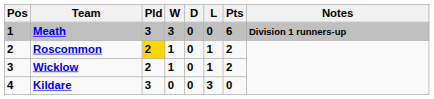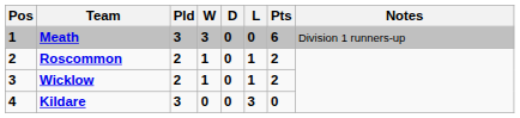 <table class="wikitable" style="text-align: centre;">
 <tr>
 <th width=20>Pos</th>
 <th width=150>Team</th>
 <th width=20>Pld</th>
 <th width=20>W</th>
 <th width=20>D</th>
 <th width=20>L</th>
 <th width=20>Pts</th>
 <th width=250>Notes</th>
 </tr>
 <tr style="background:silver;">
 <td><strong>1</strong></td>
 <td align=left><strong> <a href='#'>Meath</a> </strong></td>
 <td><strong>3</strong></td>
 <td><strong>3</strong></td>
 <td><strong>0</strong></td>
 <td><strong>0</strong></td>
 <td><strong>6</strong></td>
-<td><strong><small> Division 1 runners-up</small></strong></td>
+<td><small> Division 1 runners-up</small></td>
 </tr>
 <tr style>
 <td><strong>2</strong></td>
 <td align=left><strong> <a href='#'>Roscommon</a> </strong></td>
-<td style="background: gold;"><strong>2</strong></td>
+<td><strong>2</strong></td>
 <td><strong>1</strong></td>
 <td><strong>0</strong></td>
 <td><strong>1</strong></td>
 <td><strong>2</strong></td>
 </tr>
 <tr>
 <td><strong>3</strong></td>
 <td align=left><strong> <a href='#'>Wicklow</a> </strong></td>
 <td><strong>2</strong></td>
 <td><strong>1</strong></td>
 <td><strong>0</strong></td>
 <td><strong>1</strong></td>
 <td><strong>2</strong></td>
 </tr>
 <tr style>
 <td><strong>4</strong></td>
 <td align=left><strong> <a href='#'>Kildare</a> </strong></td>
 <td><strong>3</strong></td>
 <td><strong>0</strong></td>
 <td><strong>0</strong></td>
 <td><strong>3</strong></td>
 <td><strong>0</strong></td>
 </tr>
 </table>
